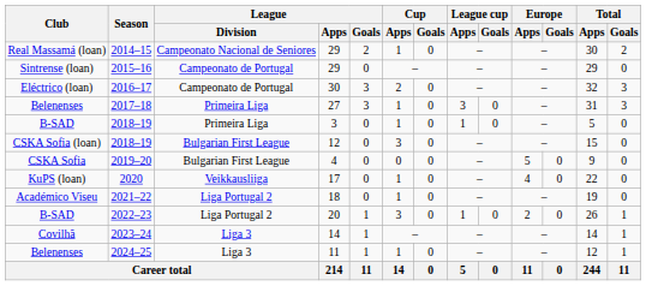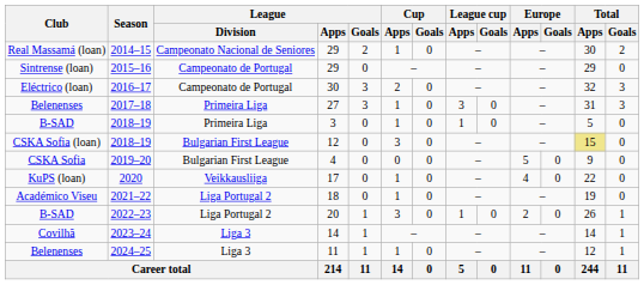 <table class="wikitable" style="text-align:center">
 <tr>
 <th rowspan="2">Club</th>
 <th rowspan="2">Season</th>
 <th colspan="3">League</th>
 <th colspan="2">Cup</th>
 <th colspan="2">League cup</th>
 <th colspan="2">Europe</th>
 <th colspan="2">Total</th>
 </tr>
 <tr>
 <th>Division</th>
 <th>Apps</th>
 <th>Goals</th>
 <th>Apps</th>
 <th>Goals</th>
 <th>Apps</th>
 <th>Goals</th>
 <th>Apps</th>
 <th>Goals</th>
 <th>Apps</th>
 <th>Goals</th>
 </tr>
 <tr>
 <td><a href='#'>Real Massamá</a> (loan)</td>
 <td><a href='#'>2014–15</a></td>
 <td><a href='#'>Campeonato Nacional de Seniores</a></td>
 <td>29</td>
 <td>2</td>
 <td>1</td>
 <td>0</td>
 <td colspan=2>–</td>
 <td colspan=2>–</td>
 <td>30</td>
 <td>2</td>
 </tr>
 <tr>
 <td><a href='#'>Sintrense</a> (loan)</td>
 <td><a href='#'>2015–16</a></td>
 <td><a href='#'>Campeonato de Portugal</a></td>
 <td>29</td>
 <td>0</td>
 <td colspan=2>–</td>
 <td colspan=2>–</td>
 <td colspan=2>–</td>
 <td>29</td>
 <td>0</td>
 </tr>
 <tr>
 <td><a href='#'>Eléctrico</a> (loan)</td>
 <td><a href='#'>2016–17</a></td>
 <td>Campeonato de Portugal</td>
 <td>30</td>
 <td>3</td>
 <td>2</td>
 <td>0</td>
 <td colspan=2>–</td>
 <td colspan=2>–</td>
 <td>32</td>
 <td>3</td>
 </tr>
 <tr>
 <td><a href='#'>Belenenses</a></td>
 <td><a href='#'>2017–18</a></td>
 <td><a href='#'>Primeira Liga</a></td>
 <td>27</td>
 <td>3</td>
 <td>1</td>
 <td>0</td>
 <td>3</td>
 <td>0</td>
 <td colspan=2>–</td>
 <td>31</td>
 <td>3</td>
 </tr>
 <tr>
 <td><a href='#'>B-SAD</a></td>
 <td><a href='#'>2018–19</a></td>
 <td>Primeira Liga</td>
 <td>3</td>
 <td>0</td>
 <td>1</td>
 <td>0</td>
 <td>1</td>
 <td>0</td>
 <td colspan=2>–</td>
 <td>5</td>
 <td>0</td>
 </tr>
 <tr>
 <td><a href='#'>CSKA Sofia</a> (loan)</td>
 <td><a href='#'>2018–19</a></td>
 <td><a href='#'>Bulgarian First League</a></td>
 <td>12</td>
 <td>0</td>
 <td>3</td>
 <td>0</td>
 <td colspan=2>–</td>
 <td colspan=2>–</td>
-<td>15</td>
+<td style="background: khaki;">15</td>
 <td>0</td>
 </tr>
 <tr>
 <td><a href='#'>CSKA Sofia</a></td>
 <td><a href='#'>2019–20</a></td>
 <td>Bulgarian First League</td>
 <td>4</td>
 <td>0</td>
 <td>0</td>
 <td>0</td>
 <td colspan=2>–</td>
 <td>5</td>
 <td>0</td>
 <td>9</td>
 <td>0</td>
 </tr>
 <tr>
 <td><a href='#'>KuPS</a> (loan)</td>
 <td><a href='#'>2020</a></td>
 <td><a href='#'>Veikkausliiga</a></td>
 <td>17</td>
 <td>0</td>
 <td>1</td>
 <td>0</td>
 <td colspan=2>–</td>
 <td>4</td>
 <td>0</td>
 <td>22</td>
 <td>0</td>
 </tr>
 <tr>
 <td><a href='#'>Académico Viseu</a></td>
 <td><a href='#'>2021–22</a></td>
 <td><a href='#'>Liga Portugal 2</a></td>
 <td>18</td>
 <td>0</td>
 <td>1</td>
 <td>0</td>
 <td colspan=2>–</td>
 <td colspan=2>–</td>
 <td>19</td>
 <td>0</td>
 </tr>
 <tr>
 <td><a href='#'>B-SAD</a></td>
 <td><a href='#'>2022–23</a></td>
 <td>Liga Portugal 2</td>
 <td>20</td>
 <td>1</td>
 <td>3</td>
 <td>0</td>
 <td>1</td>
 <td>0</td>
 <td>2</td>
 <td>0</td>
 <td>26</td>
 <td>1</td>
 </tr>
 <tr>
 <td><a href='#'>Covilhã</a></td>
 <td><a href='#'>2023–24</a></td>
 <td><a href='#'>Liga 3</a></td>
 <td>14</td>
 <td>1</td>
 <td colspan=2>–</td>
 <td colspan=2>–</td>
 <td colspan=2>–</td>
 <td>14</td>
 <td>1</td>
 </tr>
 <tr>
 <td><a href='#'>Belenenses</a></td>
 <td><a href='#'>2024–25</a></td>
 <td>Liga 3</td>
 <td>11</td>
 <td>1</td>
 <td>1</td>
 <td>0</td>
 <td colspan=2>–</td>
 <td colspan=2>–</td>
 <td>12</td>
 <td>1</td>
 </tr>
 <tr>
 <th colspan="3">Career total</th>
 <th>214</th>
 <th>11</th>
 <th>14</th>
 <th>0</th>
 <th>5</th>
 <th>0</th>
 <th>11</th>
 <th>0</th>
 <th>244</th>
 <th>11</th>
 </tr>
 </table>
